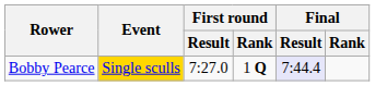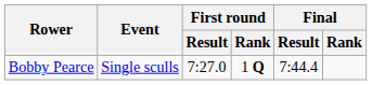 <table class=wikitable style="font-size:90%">
 <tr>
 <th rowspan=2>Rower</th>
 <th rowspan=2>Event</th>
 <th colspan=2>First round</th>
 <th colspan=2>Final</th>
 </tr>
 <tr>
 <th>Result</th>
 <th>Rank</th>
 <th>Result</th>
 <th>Rank</th>
 </tr>
 <tr>
 <td><a href='#'>Bobby Pearce</a></td>
-<td style="background: gold;"><a href='#'>Single sculls</a></td>
+<td><a href='#'>Single sculls</a></td>
 <td align=center>7:27.0</td>
 <td align=center>1 <strong>Q</strong></td>
-<td align=center style="background: lavender;">7:44.4</td>
+<td align=center>7:44.4</td>
 <td align=center></td>
 </tr>
 </table>
